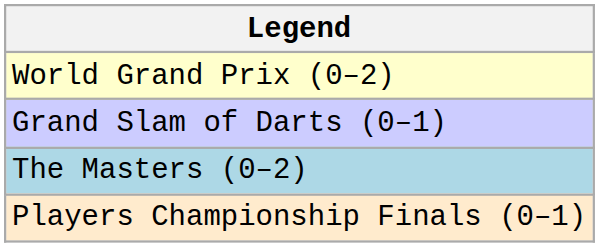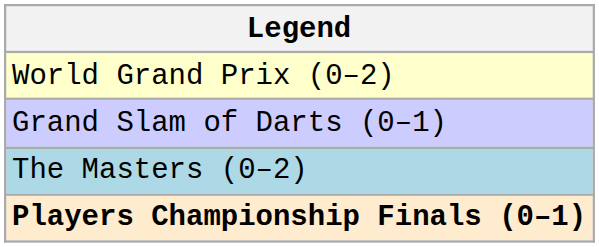 <table class="wikitable">
 <tr>
 <th>Legend</th>
 </tr>
 <tr style="background:#ffc;">
 <td>World Grand Prix (0–2)</td>
 </tr>
 <tr style="background:#ccf;">
 <td>Grand Slam of Darts (0–1)</td>
 </tr>
 <tr bgcolor="lightblue">
 <td>The Masters (0–2)</td>
 </tr>
 <tr style="background:#ffebcd;">
-<td>Players Championship Finals (0–1)</td>
+<td><strong>Players Championship Finals (0–1)</strong></td>
 </tr>
 </table>
